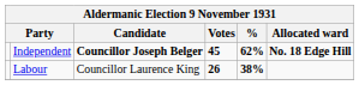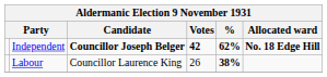 <table class="wikitable">
 <tr>
 <th colspan="6"><strong>Aldermanic Election 9 November 1931</strong></th>
 </tr>
 <tr>
 <th colspan="2">Party</th>
 <th>Candidate</th>
 <th>Votes</th>
 <th>%</th>
 <th>Allocated ward</th>
 </tr>
 <tr>
 <td style="background-color:"></td>
 <td><a href='#'>Independent</a></td>
 <td><strong>Councillor Joseph Belger</strong></td>
-<td><strong>45</strong></td>
+<td><strong>42</strong></td>
 <td><strong>62%</strong></td>
 <td><strong>No. 18 Edge Hill</strong></td>
 </tr>
 <tr>
 <td style="background-color:"></td>
 <td><a href='#'>Labour</a></td>
 <td>Councillor Laurence King</td>
-<td><strong>26</strong></td>
+<td>26</td>
 <td><strong>38%</strong></td>
 <td></td>
 </tr>
 <tr>
 </tr>
 </table>
